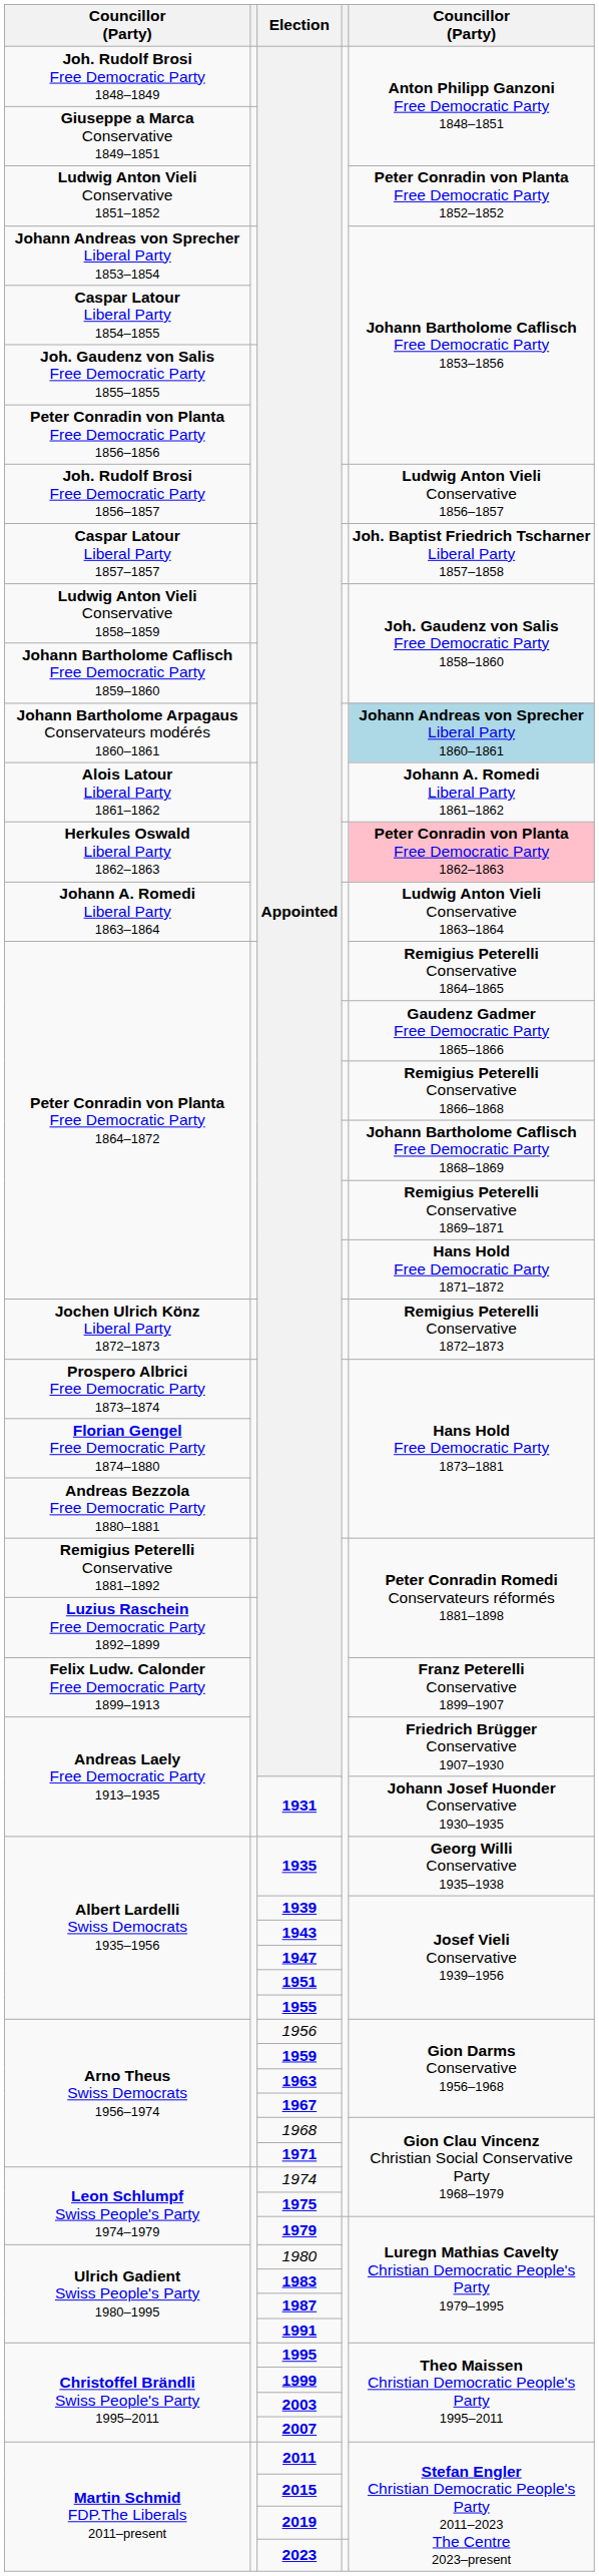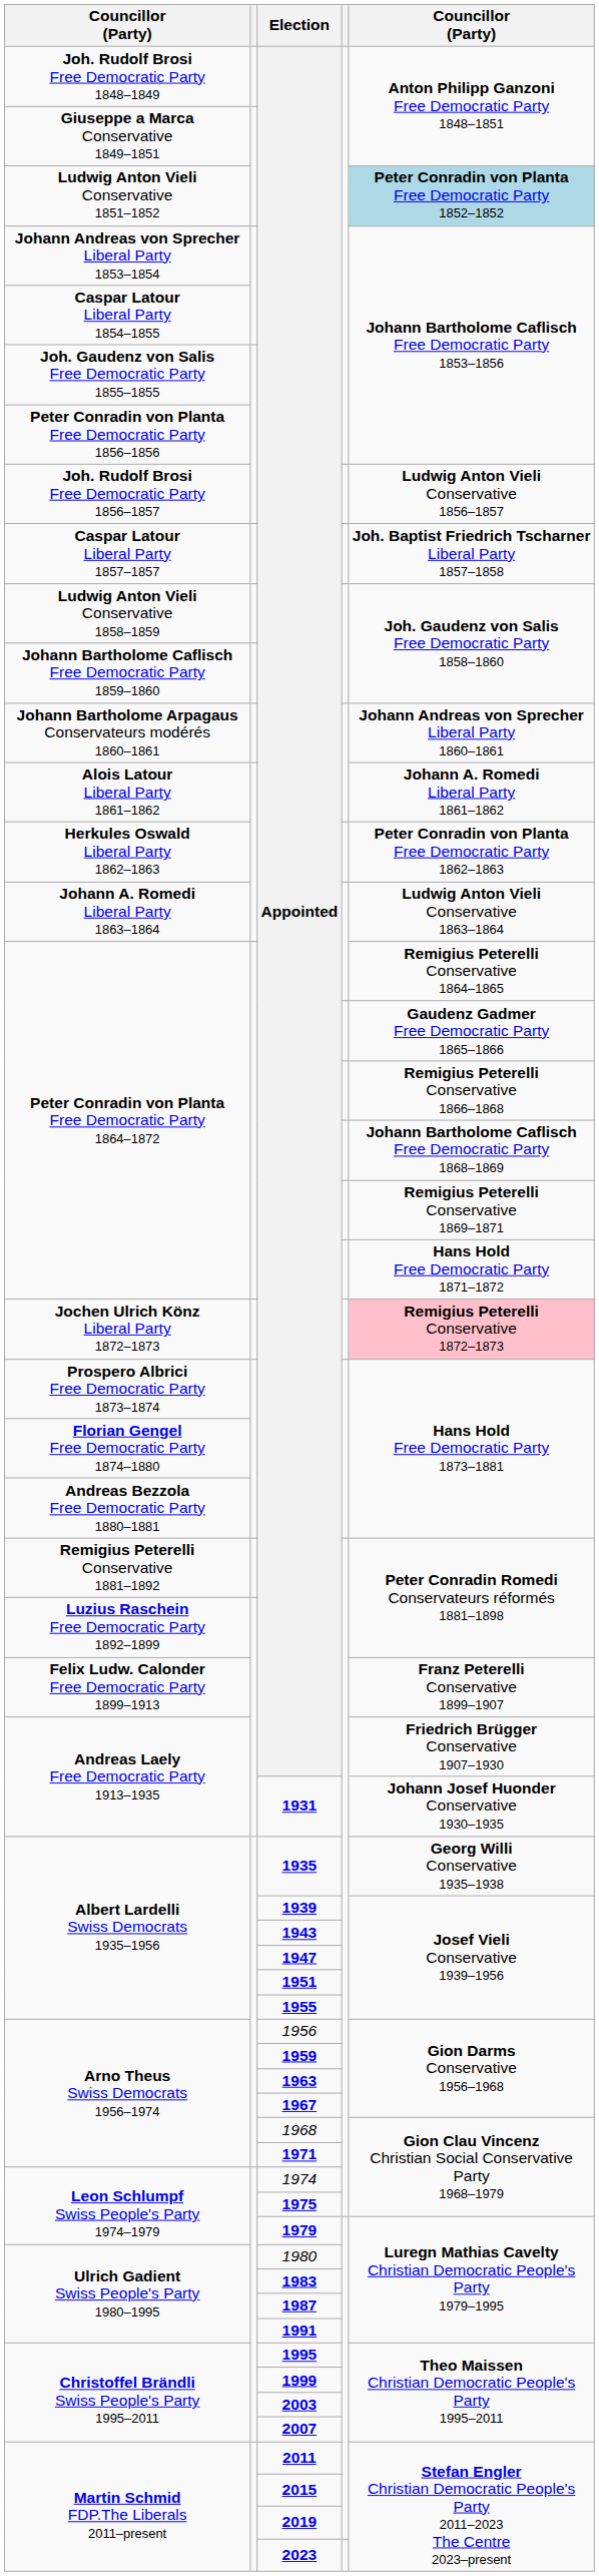 <table class="wikitable" style="text-align:center">
 <tr>
 <th scope="col" width="250" colspan = "1">Councillor<br> (Party)</th>
 <th></th>
 <th>Election</th>
 <th></th>
 <th scope="col" width="250" colspan = "1">Councillor<br> (Party)</th>
 </tr>
 <tr>
 <td rowspan=1><strong>Joh. Rudolf Brosi</strong><br><a href='#'>Free Democratic Party</a><br><small>1848–1849</small></td>
 <td rowspan=1; style="background-color: "></td>
 <th rowspan=31>Appointed</th>
 <td rowspan=7; style="background-color: "></td>
 <td rowspan=2><strong>Anton Philipp Ganzoni</strong><br><a href='#'>Free Democratic Party</a><br><small>1848–1851</small></td>
 </tr>
 <tr>
 <td rowspan=1><strong>Giuseppe a Marca</strong><br>Conservative<br><small>1849–1851</small></td>
 <td rowspan=2; style="background-color: "></td>
 </tr>
 <tr>
 <td rowspan=1><strong>Ludwig Anton Vieli</strong><br>Conservative<br><small>1851–1852</small></td>
-<td rowspan=1><strong>Peter Conradin von Planta</strong><br><a href='#'>Free Democratic Party</a><br><small>1852–1852</small></td>
+<td rowspan=1 style="background: lightblue;"><strong>Peter Conradin von Planta</strong><br><a href='#'>Free Democratic Party</a><br><small>1852–1852</small></td>
 </tr>
 <tr>
 <td rowspan=1><strong>Johann Andreas von Sprecher</strong><br><a href='#'>Liberal Party</a><br><small>1853–1854</small></td>
 <td rowspan=2; style="background-color: "></td>
 <td rowspan=4><strong>Johann Bartholome Caflisch</strong><br><a href='#'>Free Democratic Party</a><br><small>1853–1856</small></td>
 </tr>
 <tr>
 <td rowspan=1><strong>Caspar Latour</strong><br><a href='#'>Liberal Party</a><br><small>1854–1855</small></td>
 </tr>
 <tr>
 <td rowspan=1><strong>Joh. Gaudenz von Salis</strong><br><a href='#'>Free Democratic Party</a><br><small>1855–1855</small></td>
 <td rowspan=3; style="background-color: "></td>
 </tr>
 <tr>
 <td rowspan=1><strong>Peter Conradin von Planta</strong><br><a href='#'>Free Democratic Party</a><br><small>1856–1856</small></td>
 </tr>
 <tr>
 <td rowspan=1><strong>Joh. Rudolf Brosi</strong><br><a href='#'>Free Democratic Party</a><br><small>1856–1857</small></td>
 <td rowspan=1; style="background-color: "></td>
 <td rowspan=1><strong>Ludwig Anton Vieli</strong><br>Conservative<br><small>1856–1857</small></td>
 </tr>
 <tr>
 <td rowspan=1><strong>Caspar Latour</strong><br><a href='#'>Liberal Party</a><br><small>1857–1857</small></td>
 <td rowspan=1; style="background-color: "></td>
 <td rowspan=1; style="background-color: "></td>
 <td rowspan=1><strong>Joh. Baptist Friedrich Tscharner</strong><br><a href='#'>Liberal Party</a><br><small>1857–1858</small></td>
 </tr>
 <tr>
 <td rowspan=1><strong>Ludwig Anton Vieli</strong><br>Conservative<br><small>1858–1859</small></td>
 <td rowspan=1; style="background-color: "></td>
 <td rowspan=2; style="background-color: "></td>
 <td rowspan=2><strong>Joh. Gaudenz von Salis</strong><br><a href='#'>Free Democratic Party</a><br><small>1858–1860</small></td>
 </tr>
 <tr>
 <td rowspan=1><strong>Johann Bartholome Caflisch</strong><br><a href='#'>Free Democratic Party</a><br><small>1859–1860</small></td>
 <td rowspan=1; style="background-color: "></td>
 </tr>
 <tr>
 <td rowspan=1><strong>Johann Bartholome Arpagaus</strong><br>Conservateurs modérés<br><small>1860–1861</small></td>
 <td rowspan=1; style="background-color: "></td>
 <td rowspan=2; style="background-color: "></td>
-<td rowspan=1 style="background: lightblue;"><strong>Johann Andreas von Sprecher</strong><br><a href='#'>Liberal Party</a><br><small>1860–1861</small></td>
+<td rowspan=1><strong>Johann Andreas von Sprecher</strong><br><a href='#'>Liberal Party</a><br><small>1860–1861</small></td>
 </tr>
 <tr>
 <td rowspan=1><strong>Alois Latour</strong><br><a href='#'>Liberal Party</a><br><small>1861–1862</small></td>
 <td rowspan=3; style="background-color: "></td>
 <td rowspan=1><strong>Johann A. Romedi</strong><br><a href='#'>Liberal Party</a><br><small>1861–1862</small></td>
 </tr>
 <tr>
 <td rowspan=1><strong>Herkules Oswald</strong><br><a href='#'>Liberal Party</a><br><small>1862–1863</small></td>
 <td rowspan=1; style="background-color: "></td>
-<td rowspan=1 style="background: pink;"><strong>Peter Conradin von Planta</strong><br><a href='#'>Free Democratic Party</a><br><small>1862–1863</small></td>
+<td rowspan=1><strong>Peter Conradin von Planta</strong><br><a href='#'>Free Democratic Party</a><br><small>1862–1863</small></td>
 </tr>
 <tr>
 <td rowspan=1><strong>Johann A. Romedi</strong><br><a href='#'>Liberal Party</a><br><small>1863–1864</small></td>
 <td rowspan=2; style="background-color: "></td>
 <td rowspan=1><strong>Ludwig Anton Vieli</strong><br>Conservative<br><small>1863–1864</small></td>
 </tr>
 <tr>
 <td rowspan=6><strong>Peter Conradin von Planta</strong><br><a href='#'>Free Democratic Party</a><br><small>1864–1872</small></td>
 <td rowspan=6; style="background-color: "></td>
 <td rowspan=1><strong>Remigius Peterelli</strong><br>Conservative<br><small>1864–1865</small></td>
 </tr>
 <tr>
 <td rowspan=1; style="background-color: "></td>
 <td rowspan=1><strong>Gaudenz Gadmer</strong><br><a href='#'>Free Democratic Party</a><br><small>1865–1866</small></td>
 </tr>
 <tr>
 <td rowspan=1; style="background-color: "></td>
 <td rowspan=1><strong>Remigius Peterelli</strong><br>Conservative<br><small>1866–1868</small></td>
 </tr>
 <tr>
 <td rowspan=1; style="background-color: "></td>
 <td rowspan=1><strong>Johann Bartholome Caflisch</strong><br><a href='#'>Free Democratic Party</a><br><small>1868–1869</small></td>
 </tr>
 <tr>
 <td rowspan=1; style="background-color: "></td>
 <td rowspan=1><strong>Remigius Peterelli</strong><br>Conservative<br><small>1869–1871</small></td>
 </tr>
 <tr>
 <td rowspan=1; style="background-color: "></td>
 <td rowspan=1><strong>Hans Hold</strong><br><a href='#'>Free Democratic Party</a><br><small>1871–1872</small></td>
 </tr>
 <tr>
 <td rowspan=1><strong>Jochen Ulrich Könz</strong><br><a href='#'>Liberal Party</a><br><small>1872–1873</small></td>
 <td rowspan=1; style="background-color: "></td>
 <td rowspan=1; style="background-color: "></td>
-<td rowspan=1><strong>Remigius Peterelli</strong><br>Conservative<br><small>1872–1873</small></td>
+<td rowspan=1 style="background: pink;"><strong>Remigius Peterelli</strong><br>Conservative<br><small>1872–1873</small></td>
 </tr>
 <tr>
 <td rowspan=1><strong>Prospero Albrici</strong><br><a href='#'>Free Democratic Party</a><br><small>1873–1874</small></td>
 <td rowspan=3; style="background-color: "></td>
 <td rowspan=3; style="background-color: "></td>
 <td rowspan=3><strong>Hans Hold</strong><br><a href='#'>Free Democratic Party</a><br><small>1873–1881</small></td>
 </tr>
 <tr>
 <td rowspan=1><strong><a href='#'>Florian Gengel</a></strong><br><a href='#'>Free Democratic Party</a><br><small>1874–1880</small></td>
 </tr>
 <tr>
 <td rowspan=1><strong>Andreas Bezzola</strong><br><a href='#'>Free Democratic Party</a><br><small>1880–1881</small></td>
 </tr>
 <tr>
 <td rowspan=1><strong>Remigius Peterelli</strong><br>Conservative<br><small>1881–1892</small></td>
 <td rowspan=1; style="background-color: "></td>
 <td rowspan=21; style="background-color: "></td>
 <td rowspan=2><strong>Peter Conradin Romedi</strong><br>Conservateurs réformés<br><small>1881–1898</small></td>
 </tr>
 <tr>
 <td rowspan=1><strong><a href='#'>Luzius Raschein</a></strong><br><a href='#'>Free Democratic Party</a><br><small>1892–1899</small></td>
 <td rowspan=6; style="background-color: "></td>
 </tr>
 <tr>
 <td rowspan=2><strong>Felix Ludw. Calonder</strong><br><a href='#'>Free Democratic Party</a><br><small>1899–1913</small></td>
 <td rowspan=1><strong>Franz Peterelli</strong><br>Conservative<br><small>1899–1907</small></td>
 </tr>
 <tr>
 <td rowspan=2><strong>Friedrich Brügger</strong><br>Conservative<br><small>1907–1930</small></td>
 </tr>
 <tr>
 <td rowspan=3><strong>Andreas Laely</strong><br><a href='#'>Free Democratic Party</a><br><small>1913–1935</small></td>
 </tr>
 <tr>
 <td rowspan=2><strong>Johann Josef Huonder</strong><br>Conservative<br><small>1930–1935</small></td>
 </tr>
 <tr>
 <td><strong><a href='#'>1931</a></strong></td>
 </tr>
 <tr>
 <td rowspan=6><strong>Albert Lardelli</strong><br><a href='#'>Swiss Democrats</a><br><small>1935–1956</small></td>
 <td rowspan=12; style="background-color: "></td>
 <td><strong><a href='#'>1935</a></strong></td>
 <td rowspan=1><strong>Georg Willi</strong><br>Conservative<br><small>1935–1938</small></td>
 </tr>
 <tr>
 <td><strong><a href='#'>1939</a></strong></td>
 <td rowspan=5><strong>Josef Vieli</strong><br>Conservative<br><small>1939–1956</small></td>
 </tr>
 <tr>
 <td><strong><a href='#'>1943</a></strong></td>
 </tr>
 <tr>
 <td><strong><a href='#'>1947</a></strong></td>
 </tr>
 <tr>
 <td><strong><a href='#'>1951</a></strong></td>
 </tr>
 <tr>
 <td><strong><a href='#'>1955</a></strong></td>
 </tr>
 <tr>
 <td rowspan=6><strong>Arno Theus</strong><br><a href='#'>Swiss Democrats</a><br><small>1956–1974</small></td>
 <td><em>1956</em></td>
 <td rowspan=4><strong>Gion Darms</strong><br>Conservative<br><small>1956–1968</small></td>
 </tr>
 <tr>
 <td><strong><a href='#'>1959</a></strong></td>
 </tr>
 <tr>
 <td><strong><a href='#'>1963</a></strong></td>
 </tr>
 <tr>
 <td><strong><a href='#'>1967</a></strong></td>
 </tr>
 <tr>
 <td><em>1968</em></td>
 <td rowspan=4><strong>Gion Clau Vincenz</strong><br>Christian Social Conservative Party<br><small>1968–1979</small></td>
 </tr>
 <tr>
 <td><strong><a href='#'>1971</a></strong></td>
 </tr>
 <tr>
 <td rowspan=3><br><strong><a href='#'>Leon Schlumpf</a></strong><br><a href='#'>Swiss People's Party</a><br><small>1974–1979</small></td>
 <td rowspan=11; style="background-color: "></td>
 <td><em>1974</em></td>
 </tr>
 <tr>
 <td><strong><a href='#'>1975</a></strong></td>
 </tr>
 <tr>
 <td><strong><a href='#'>1979</a></strong></td>
 <td rowspan=12; style="background-color: "></td>
 <td rowspan=5><strong>Luregn Mathias Cavelty</strong><br><a href='#'>Christian Democratic People's Party</a><br><small>1979–1995</small></td>
 </tr>
 <tr>
 <td rowspan=4><strong>Ulrich Gadient</strong><br><a href='#'>Swiss People's Party</a><br><small>1980–1995</small></td>
 <td><em>1980</em></td>
 </tr>
 <tr>
 <td><strong><a href='#'>1983</a></strong></td>
 </tr>
 <tr>
 <td><strong><a href='#'>1987</a></strong></td>
 </tr>
 <tr>
 <td><strong><a href='#'>1991</a></strong></td>
 </tr>
 <tr>
 <td rowspan=4><br><strong><a href='#'>Christoffel Brändli</a></strong><br><a href='#'>Swiss People's Party</a><br><small>1995–2011</small></td>
 <td><strong><a href='#'>1995</a></strong></td>
 <td rowspan=4><strong>Theo Maissen</strong><br><a href='#'>Christian Democratic People's Party</a><br><small>1995–2011</small></td>
 </tr>
 <tr>
 <td><strong><a href='#'>1999</a></strong></td>
 </tr>
 <tr>
 <td><strong><a href='#'>2003</a></strong></td>
 </tr>
 <tr>
 <td><strong><a href='#'>2007</a></strong></td>
 </tr>
 <tr>
 <td rowspan=4><br><strong><a href='#'>Martin Schmid</a></strong><br><a href='#'>FDP.The Liberals</a><br><small>2011–present</small></td>
 <td rowspan=4; style="background-color: "></td>
 <td><strong><a href='#'>2011</a></strong></td>
 <td rowspan=4><br><strong><a href='#'>Stefan Engler</a></strong><br><a href='#'>Christian Democratic People's Party</a><br><small>2011–2023</small><br><a href='#'>The Centre</a><br><small>2023–present</small></td>
 </tr>
 <tr>
 <td><strong><a href='#'>2015</a></strong></td>
 </tr>
 <tr>
 <td><strong><a href='#'>2019</a></strong></td>
 </tr>
 <tr>
 <td><strong><a href='#'>2023</a></strong></td>
 <td rowspan=1; style="background-color: "></td>
 </tr>
 </table>
